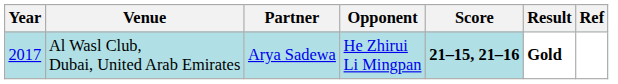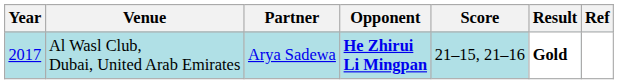 <table class="sortable wikitable" style="font-size: 90%;">
 <tr>
 <th>Year</th>
 <th>Venue</th>
 <th>Partner</th>
 <th>Opponent</th>
 <th>Score</th>
 <th>Result</th>
 <th>Ref</th>
 </tr>
 <tr style="background:#B0E0E6">
 <td align="center" rowspan="4"><a href='#'>2017</a></td>
 <td align="left" rowspan="4">Al Wasl Club,<br>Dubai, United Arab Emirates</td>
 <td align="left" rowspan="4"> <a href='#'>Arya Sadewa</a></td>
-<td align="left"> <a href='#'>He Zhirui</a><br> <a href='#'>Li Mingpan</a></td>
-<td align="left"><strong>21–15, 21–16</strong></td>
+<td align="left"><strong> <a href='#'>He Zhirui</a><br> <a href='#'>Li Mingpan</a></strong></td>
+<td align="left">21–15, 21–16</td>
 <td style="text-align:left; background:white" rowspan="4"> <strong>Gold</strong></td>
 <td style="text-align:center; background:white"></td>
 </tr>
 </table>
